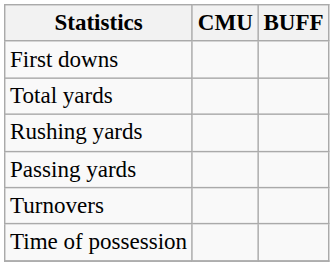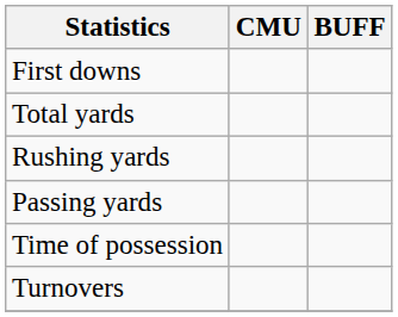 <table class="wikitable">
 <tr>
 <th>Statistics</th>
 <th>CMU</th>
 <th>BUFF</th>
 </tr>
 <tr>
 <td>First downs</td>
 <td></td>
 <td></td>
 </tr>
 <tr>
 <td>Total yards</td>
 <td></td>
 <td></td>
 </tr>
 <tr>
 <td>Rushing yards</td>
 <td></td>
 <td></td>
 </tr>
 <tr>
 <td>Passing yards</td>
 <td></td>
 <td></td>
 </tr>
 <tr>
-<td>Turnovers</td>
+<td>Time of possession</td>
 <td></td>
 <td></td>
 </tr>
 <tr>
-<td>Time of possession</td>
+<td>Turnovers</td>
 <td></td>
 <td></td>
 </tr>
 <tr>
 </tr>
 </table>
